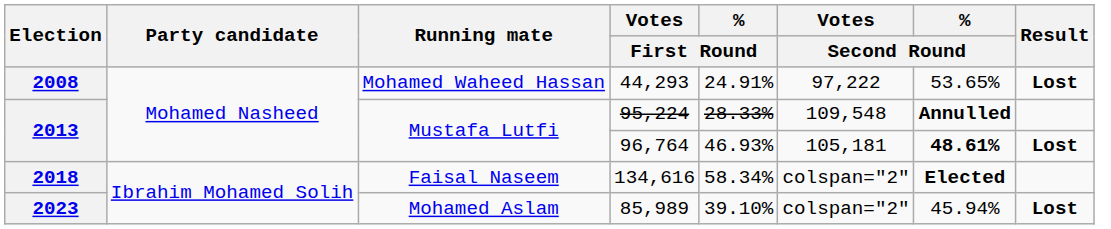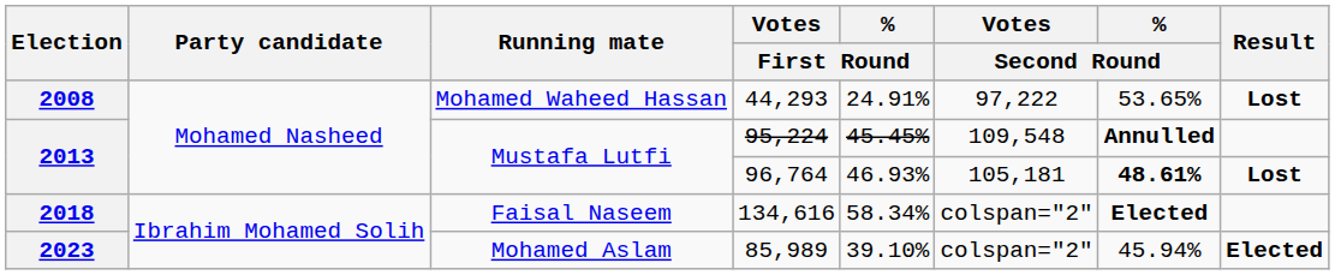 <table class=wikitable style=text-align:center>
 <tr>
 <th rowspan="2"><strong>Election</strong></th>
 <th rowspan="2"><strong>Party candidate</strong></th>
 <th rowspan="2"><strong>Running mate</strong></th>
 <th><strong>Votes</strong></th>
 <th><strong>%</strong></th>
 <th><strong>Votes</strong></th>
 <th><strong>%</strong></th>
 <th rowspan="2"><strong>Result</strong></th>
 </tr>
 <tr>
 <th colspan="2">First Round</th>
 <th colspan="2">Second Round</th>
 </tr>
 <tr>
 <th><a href='#'>2008</a></th>
 <td rowspan="3"><a href='#'>Mohamed Nasheed</a></td>
 <td><a href='#'>Mohamed Waheed Hassan</a></td>
 <td>44,293</td>
 <td>24.91%</td>
 <td>97,222</td>
 <td>53.65%</td>
 <td><strong>Lost</strong> </td>
 </tr>
 <tr>
 <th rowspan="2"><a href='#'>2013</a></th>
 <td rowspan="2"><a href='#'>Mustafa Lutfi</a></td>
 <td><s>95,224</s></td>
-<td><s>28.33%</s></td>
+<td><s>45.45%</s></td>
 <td>109,548</td>
 <td><strong>Annulled</strong> </td>
 </tr>
 <tr>
 <td>96,764</td>
 <td>46.93%</td>
 <td>105,181</td>
 <td><strong>48.61%</strong></td>
 <td><strong>Lost</strong> </td>
 </tr>
 <tr>
 <th><a href='#'>2018</a></th>
 <td rowspan=2><a href='#'>Ibrahim Mohamed Solih</a></td>
 <td><a href='#'>Faisal Naseem</a></td>
 <td>134,616</td>
 <td>58.34%</td>
 <td>colspan="2" </td>
 <td><strong>Elected</strong> </td>
 </tr>
 <tr>
 <th><a href='#'>2023</a></th>
 <td><a href='#'>Mohamed Aslam</a></td>
 <td>85,989</td>
 <td>39.10%</td>
 <td>colspan="2" </td>
 <td>45.94%</td>
-<td><strong>Lost</strong> </td>
+<td><strong>Elected</strong> </td>
 </tr>
 </table>
